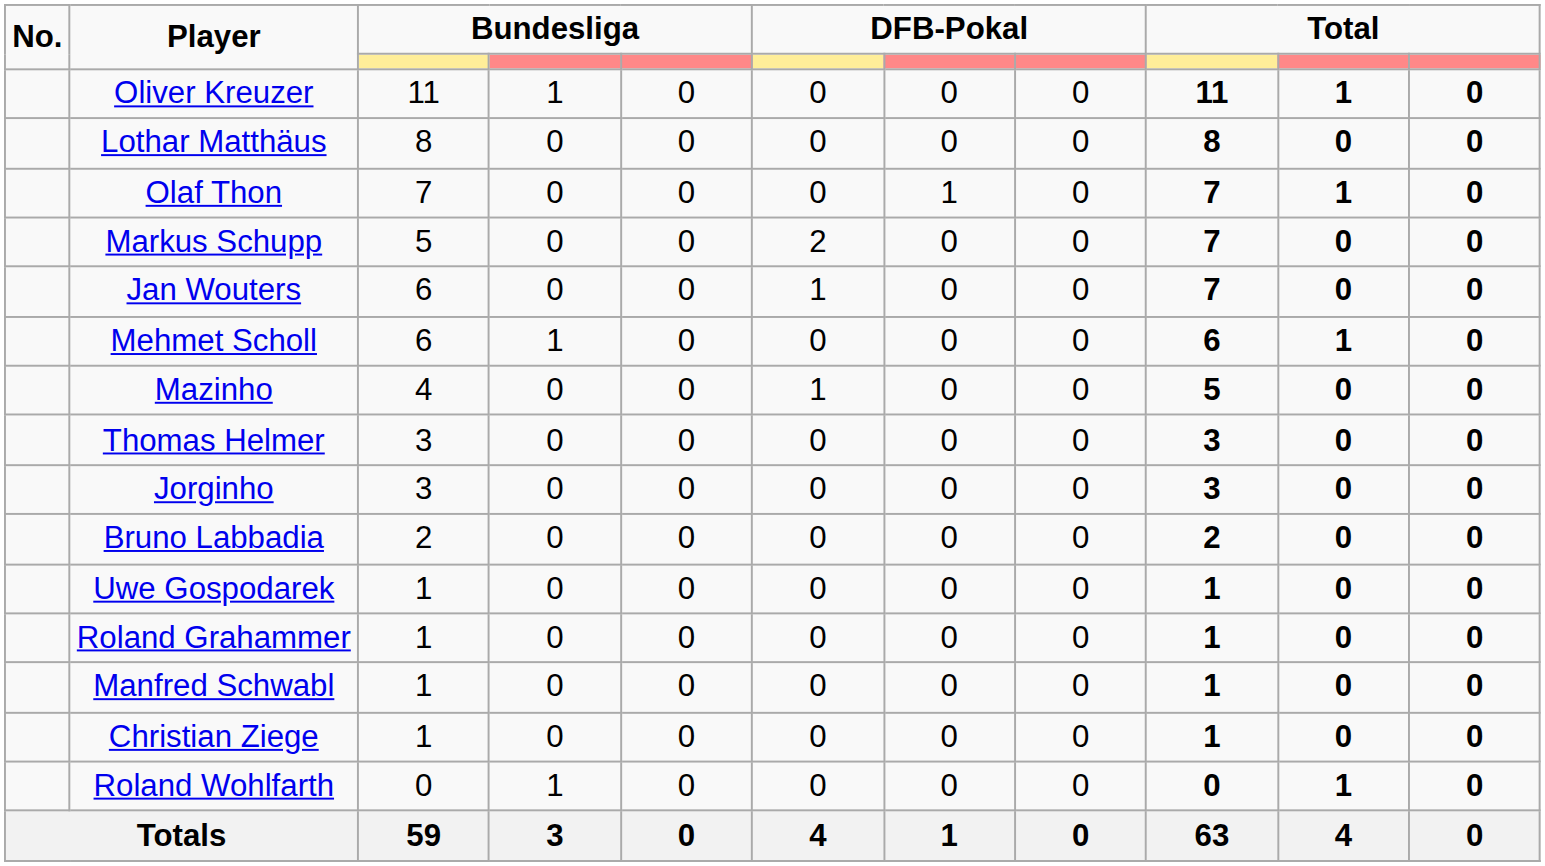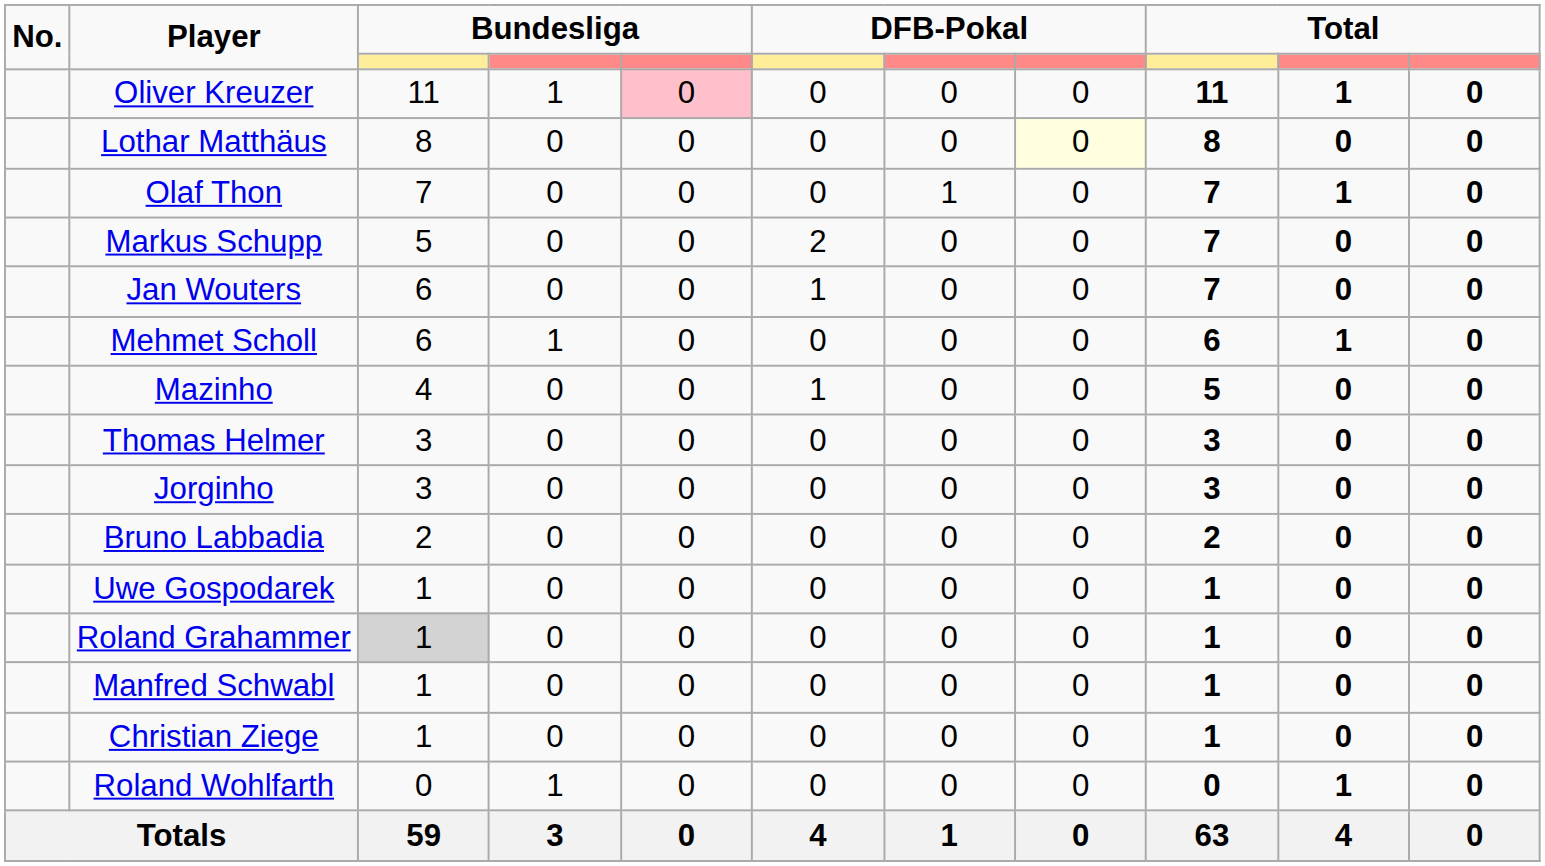 <table class="wikitable" style="text-align:center;">
 <tr style="text-align:center;">
 <td rowspan="2"><strong>No.</strong></td>
 <td rowspan="2"><strong>Player</strong></td>
 <td colspan="3"><strong>Bundesliga</strong></td>
 <td colspan="3"><strong>DFB-Pokal</strong></td>
 <td colspan="3"><strong>Total</strong></td>
 </tr>
 <tr>
 <th style="width:60px; background:#fe9;"></th>
 <th style="width:60px; background:#ff8888;"></th>
 <th style="width:60px; background:#ff8888;"></th>
 <th style="width:60px; background:#fe9;"></th>
 <th style="width:60px; background:#ff8888;"></th>
 <th style="width:60px; background:#ff8888;"></th>
 <th style="width:60px; background:#fe9;"></th>
 <th style="width:60px; background:#ff8888;"></th>
 <th style="width:60px; background:#ff8888;"></th>
 </tr>
 <tr>
 <td></td>
 <td><a href='#'>Oliver Kreuzer</a></td>
 <td>11</td>
 <td>1</td>
-<td>0</td>
+<td style="background: pink;">0</td>
 <td>0</td>
 <td>0</td>
 <td>0</td>
 <td><strong>11</strong></td>
 <td><strong>1</strong></td>
 <td><strong>0</strong></td>
 </tr>
 <tr>
 <td></td>
 <td><a href='#'>Lothar Matthäus</a></td>
 <td>8</td>
 <td>0</td>
 <td>0</td>
 <td>0</td>
 <td>0</td>
-<td>0</td>
+<td style="background: lightyellow;">0</td>
 <td><strong>8</strong></td>
 <td><strong>0</strong></td>
 <td><strong>0</strong></td>
 </tr>
 <tr>
 <td></td>
 <td><a href='#'>Olaf Thon</a></td>
 <td>7</td>
 <td>0</td>
 <td>0</td>
 <td>0</td>
 <td>1</td>
 <td>0</td>
 <td><strong>7</strong></td>
 <td><strong>1</strong></td>
 <td><strong>0</strong></td>
 </tr>
 <tr>
 <td></td>
 <td><a href='#'>Markus Schupp</a></td>
 <td>5</td>
 <td>0</td>
 <td>0</td>
 <td>2</td>
 <td>0</td>
 <td>0</td>
 <td><strong>7</strong></td>
 <td><strong>0</strong></td>
 <td><strong>0</strong></td>
 </tr>
 <tr>
 <td></td>
 <td><a href='#'>Jan Wouters</a></td>
 <td>6</td>
 <td>0</td>
 <td>0</td>
 <td>1</td>
 <td>0</td>
 <td>0</td>
 <td><strong>7</strong></td>
 <td><strong>0</strong></td>
 <td><strong>0</strong></td>
 </tr>
 <tr>
 <td></td>
 <td><a href='#'>Mehmet Scholl</a></td>
 <td>6</td>
 <td>1</td>
 <td>0</td>
 <td>0</td>
 <td>0</td>
 <td>0</td>
 <td><strong>6</strong></td>
 <td><strong>1</strong></td>
 <td><strong>0</strong></td>
 </tr>
 <tr>
 <td></td>
 <td><a href='#'>Mazinho</a></td>
 <td>4</td>
 <td>0</td>
 <td>0</td>
 <td>1</td>
 <td>0</td>
 <td>0</td>
 <td><strong>5</strong></td>
 <td><strong>0</strong></td>
 <td><strong>0</strong></td>
 </tr>
 <tr>
 <td></td>
 <td><a href='#'>Thomas Helmer</a></td>
 <td>3</td>
 <td>0</td>
 <td>0</td>
 <td>0</td>
 <td>0</td>
 <td>0</td>
 <td><strong>3</strong></td>
 <td><strong>0</strong></td>
 <td><strong>0</strong></td>
 </tr>
 <tr>
 <td></td>
 <td><a href='#'>Jorginho</a></td>
 <td>3</td>
 <td>0</td>
 <td>0</td>
 <td>0</td>
 <td>0</td>
 <td>0</td>
 <td><strong>3</strong></td>
 <td><strong>0</strong></td>
 <td><strong>0</strong></td>
 </tr>
 <tr>
 <td></td>
 <td><a href='#'>Bruno Labbadia</a></td>
 <td>2</td>
 <td>0</td>
 <td>0</td>
 <td>0</td>
 <td>0</td>
 <td>0</td>
 <td><strong>2</strong></td>
 <td><strong>0</strong></td>
 <td><strong>0</strong></td>
 </tr>
 <tr>
 <td></td>
 <td><a href='#'>Uwe Gospodarek</a></td>
 <td>1</td>
 <td>0</td>
 <td>0</td>
 <td>0</td>
 <td>0</td>
 <td>0</td>
 <td><strong>1</strong></td>
 <td><strong>0</strong></td>
 <td><strong>0</strong></td>
 </tr>
 <tr>
 <td></td>
 <td><a href='#'>Roland Grahammer</a></td>
-<td>1</td>
+<td style="background: lightgrey;">1</td>
 <td>0</td>
 <td>0</td>
 <td>0</td>
 <td>0</td>
 <td>0</td>
 <td><strong>1</strong></td>
 <td><strong>0</strong></td>
 <td><strong>0</strong></td>
 </tr>
 <tr>
 <td></td>
 <td><a href='#'>Manfred Schwabl</a></td>
 <td>1</td>
 <td>0</td>
 <td>0</td>
 <td>0</td>
 <td>0</td>
 <td>0</td>
 <td><strong>1</strong></td>
 <td><strong>0</strong></td>
 <td><strong>0</strong></td>
 </tr>
 <tr>
 <td></td>
 <td><a href='#'>Christian Ziege</a></td>
 <td>1</td>
 <td>0</td>
 <td>0</td>
 <td>0</td>
 <td>0</td>
 <td>0</td>
 <td><strong>1</strong></td>
 <td><strong>0</strong></td>
 <td><strong>0</strong></td>
 </tr>
 <tr>
 <td></td>
 <td><a href='#'>Roland Wohlfarth</a></td>
 <td>0</td>
 <td>1</td>
 <td>0</td>
 <td>0</td>
 <td>0</td>
 <td>0</td>
 <td><strong>0</strong></td>
 <td><strong>1</strong></td>
 <td><strong>0</strong></td>
 </tr>
 <tr>
 <th colspan="2">Totals</th>
 <th>59</th>
 <th>3</th>
 <th>0</th>
 <th>4</th>
 <th>1</th>
 <th>0</th>
 <th>63</th>
 <th>4</th>
 <th>0</th>
 </tr>
 <tr>
 </tr>
 </table>
